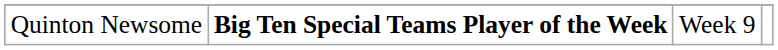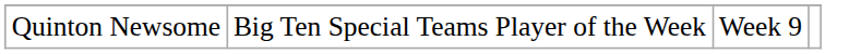 <table class="wikitable sortable sortable" style="text-align: center">
 <tr align=center>
 </tr>
 <tr>
 <td style="background:white">Quinton Newsome</td>
-<td style="background:white"><strong>Big Ten Special Teams Player of the Week</strong></td>
+<td style="background:white">Big Ten Special Teams Player of the Week</td>
 <td style="background:white">Week 9</td>
 <td style="background:white"></td>
 </tr>
 </table>
